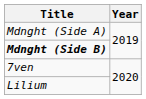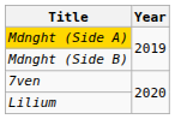 <table class="wikitable">
 <tr>
 <th>Title</th>
 <th>Year</th>
 </tr>
 <tr>
-<td><em>Mdnght (Side A)</em></td>
+<td style="background: gold;"><em>Mdnght (Side A)</em></td>
 <td rowspan="2">2019</td>
 </tr>
 <tr>
-<td><strong><em>Mdnght (Side B)</em></strong></td>
+<td><em>Mdnght (Side B)</em></td>
 </tr>
 <tr>
 <td><em>7ven</em></td>
 <td rowspan="2">2020</td>
 </tr>
 <tr>
 <td><em>Lilium</em></td>
 </tr>
 </table>
